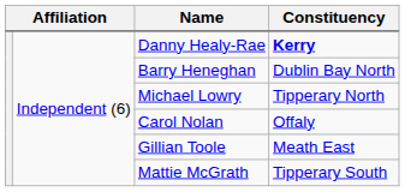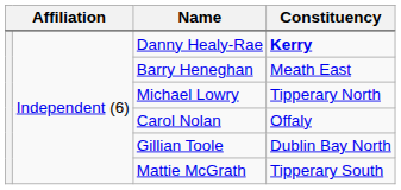 <table class="wikitable sortable">
 <tr style="border-bottom: 2px solid gray;">
 <th colspan=2>Affiliation</th>
 <th>Name</th>
 <th>Constituency</th>
 </tr>
 <tr>
 <th rowspan=6 style="background-color:"></th>
 <td rowspan=6><a href='#'>Independent</a> (6)</td>
 <td data-sort-value="Healy-Rae, Danny"><a href='#'>Danny Healy-Rae</a></td>
 <td><strong><a href='#'>Kerry</a></strong></td>
 </tr>
 <tr>
 <td data-sort-value="Heneghan, Barry"><a href='#'>Barry Heneghan</a></td>
-<td><a href='#'>Dublin Bay North</a></td>
+<td><a href='#'>Meath East</a></td>
 </tr>
 <tr>
 <td data-sort-value="Lowry, Michael"><a href='#'>Michael Lowry</a></td>
 <td><a href='#'>Tipperary North</a></td>
 </tr>
 <tr>
 <td data-sort-value="Nolan, Carol"><a href='#'>Carol Nolan</a></td>
 <td><a href='#'>Offaly</a></td>
 </tr>
 <tr>
 <td data-sort-value="Toole, Gillian"><a href='#'>Gillian Toole</a></td>
-<td><a href='#'>Meath East</a></td>
+<td><a href='#'>Dublin Bay North</a></td>
 </tr>
 <tr>
 <td data-sort-value="McGrath, Mattie"><a href='#'>Mattie McGrath</a></td>
 <td><a href='#'>Tipperary South</a></td>
 </tr>
 </table>
